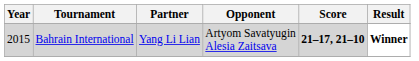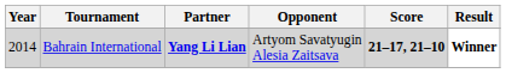 <table class="sortable wikitable" style="font-size: 90%;">
 <tr>
 <th>Year</th>
 <th>Tournament</th>
 <th>Partner</th>
 <th>Opponent</th>
 <th>Score</th>
 <th>Result</th>
 </tr>
 <tr>
 </tr>
 <tr style="background:#D5D5D5">
-<td align="center">2015</td>
+<td align="center">2014</td>
 <td align="left"><a href='#'>Bahrain International</a></td>
-<td align="left"> <a href='#'>Yang Li Lian</a></td>
+<td align="left"><strong> <a href='#'>Yang Li Lian</a></strong></td>
 <td align="left"> Artyom Savatyugin<br> <a href='#'>Alesia Zaitsava</a></td>
 <td align="left"><strong>21–17, 21–10</strong></td>
 <td style="text-align:left; background:white"> <strong>Winner</strong></td>
 </tr>
 <tr>
 </tr>
 </table>
